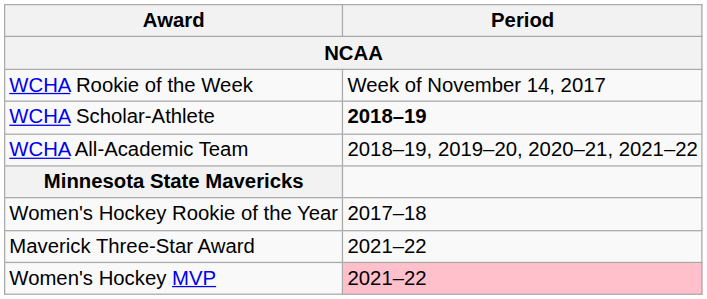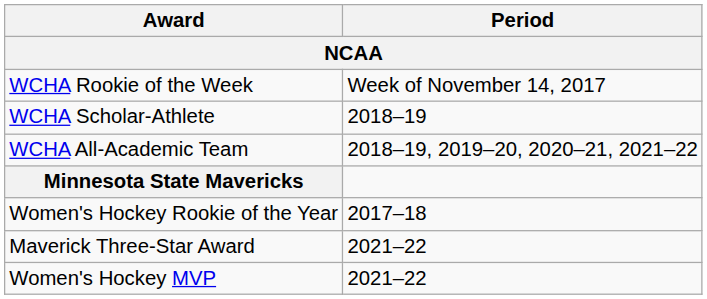 <table class="wikitable">
 <tr>
 <th scope="col">Award</th>
 <th scope="col">Period</th>
 </tr>
 <tr>
 <th colspan="2">NCAA</th>
 </tr>
 <tr>
 <td><a href='#'>WCHA</a> Rookie of the Week</td>
 <td>Week of November 14, 2017</td>
 </tr>
 <tr>
 <td><a href='#'>WCHA</a> Scholar-Athlete</td>
-<td><strong>2018–19</strong></td>
+<td>2018–19</td>
 </tr>
 <tr>
 <td><a href='#'>WCHA</a> All-Academic Team</td>
 <td>2018–19, 2019–20, 2020–21, 2021–22</td>
 </tr>
 <tr>
 <th>Minnesota State Mavericks</th>
 </tr>
 <tr>
 <td>Women's Hockey Rookie of the Year</td>
 <td>2017–18</td>
 </tr>
 <tr>
 <td>Maverick Three-Star Award</td>
 <td>2021–22</td>
 </tr>
 <tr>
 <td>Women's Hockey <a href='#'>MVP</a></td>
-<td style="background: pink;">2021–22</td>
+<td>2021–22</td>
 </tr>
 </table>
